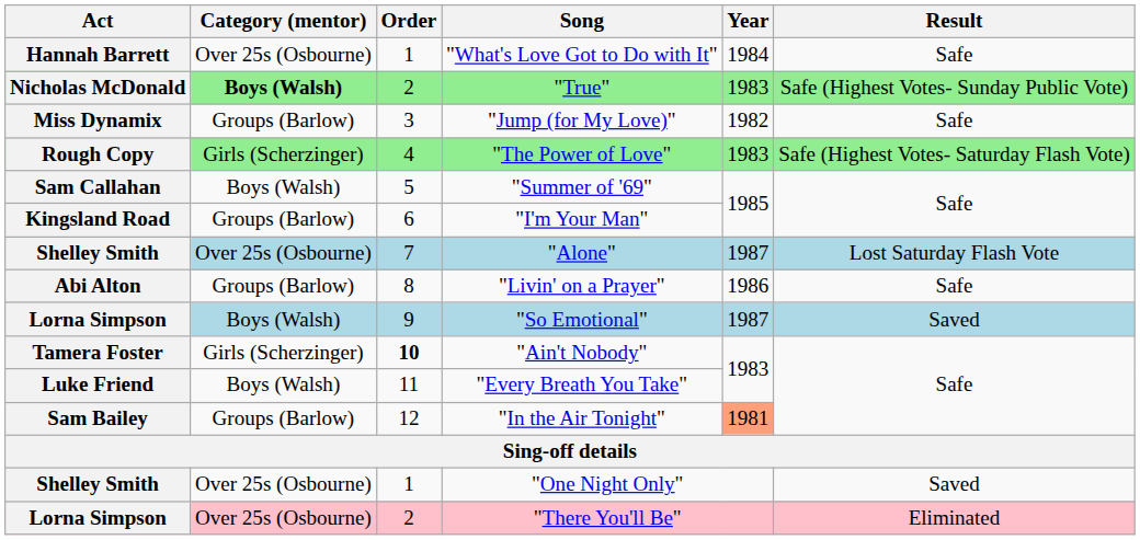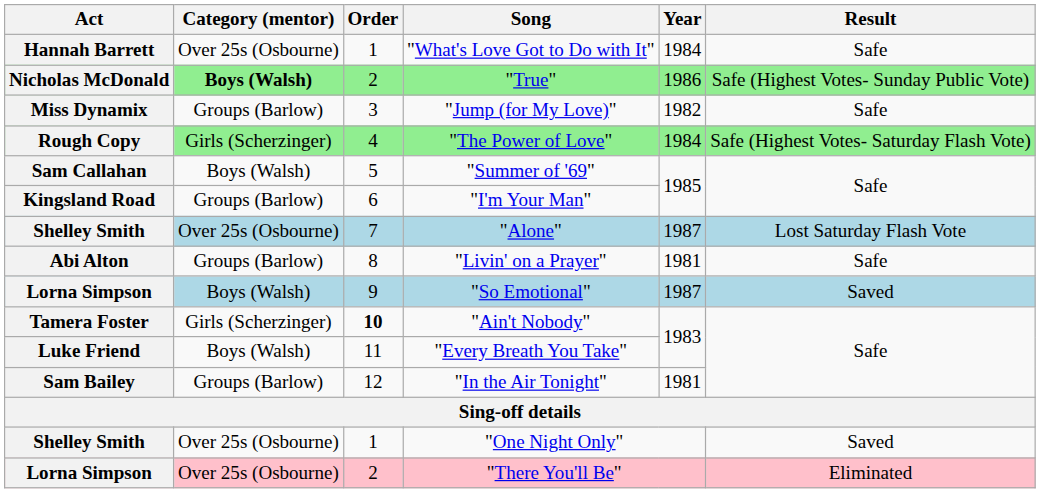 <table class="wikitable plainrowheaders" style="text-align:center;">
 <tr>
 <th scope="col">Act</th>
 <th scope="col">Category (mentor)</th>
 <th scope="col">Order</th>
 <th scope="col">Song</th>
 <th scope="col">Year</th>
 <th scope="col">Result</th>
 </tr>
 <tr>
 <th scope="row">Hannah Barrett</th>
 <td>Over 25s (Osbourne)</td>
 <td>1</td>
 <td>"<a href='#'>What's Love Got to Do with It</a>"</td>
 <td>1984</td>
 <td>Safe</td>
 </tr>
 <tr style="background:lightgreen;">
 <th scope="row">Nicholas McDonald</th>
 <td><strong>Boys (Walsh)</strong></td>
 <td>2</td>
 <td>"<a href='#'>True</a>"</td>
-<td>1983</td>
+<td>1986</td>
 <td>Safe (Highest Votes- Sunday Public Vote)</td>
 </tr>
 <tr>
 <th scope="row">Miss Dynamix</th>
 <td>Groups (Barlow)</td>
 <td>3</td>
 <td>"<a href='#'>Jump (for My Love)</a>"</td>
 <td>1982</td>
 <td>Safe</td>
 </tr>
 <tr style="background:lightgreen;">
 <th scope="row">Rough Copy</th>
 <td>Girls (Scherzinger)</td>
 <td>4</td>
 <td>"<a href='#'>The Power of Love</a>"</td>
-<td>1983</td>
+<td>1984</td>
 <td>Safe (Highest Votes- Saturday Flash Vote)</td>
 </tr>
 <tr>
 <th scope="row">Sam Callahan</th>
 <td>Boys (Walsh)</td>
 <td>5</td>
 <td>"<a href='#'>Summer of '69</a>"</td>
 <td rowspan=2>1985</td>
 <td rowspan=2>Safe</td>
 </tr>
 <tr>
 <th scope="row">Kingsland Road</th>
 <td>Groups (Barlow)</td>
 <td>6</td>
 <td>"<a href='#'>I'm Your Man</a>"</td>
 </tr>
 <tr style="background:lightblue;">
 <th scope="row">Shelley Smith</th>
 <td>Over 25s (Osbourne)</td>
 <td>7</td>
 <td>"<a href='#'>Alone</a>"</td>
 <td>1987</td>
 <td>Lost Saturday Flash Vote</td>
 </tr>
 <tr>
 <th scope="row">Abi Alton</th>
 <td>Groups (Barlow)</td>
 <td>8</td>
 <td>"<a href='#'>Livin' on a Prayer</a>"</td>
-<td>1986</td>
+<td>1981</td>
 <td>Safe</td>
 </tr>
 <tr style="background:lightblue;">
 <th scope="row">Lorna Simpson</th>
 <td>Boys (Walsh)</td>
 <td>9</td>
 <td>"<a href='#'>So Emotional</a>"</td>
 <td>1987</td>
 <td>Saved</td>
 </tr>
 <tr>
 <th scope="row">Tamera Foster</th>
 <td>Girls (Scherzinger)</td>
 <td><strong>10</strong></td>
 <td>"<a href='#'>Ain't Nobody</a>"</td>
 <td rowspan=2>1983</td>
 <td rowspan=3>Safe</td>
 </tr>
 <tr>
 <th scope="row">Luke Friend</th>
 <td>Boys (Walsh)</td>
 <td>11</td>
 <td>"<a href='#'>Every Breath You Take</a>"</td>
 </tr>
 <tr>
 <th scope="row">Sam Bailey</th>
 <td>Groups (Barlow)</td>
 <td>12</td>
 <td>"<a href='#'>In the Air Tonight</a>"</td>
-<td style="background: lightsalmon;">1981</td>
+<td>1981</td>
 </tr>
 <tr>
 <th colspan="6">Sing-off details</th>
 </tr>
 <tr>
 <th scope="row">Shelley Smith</th>
 <td>Over 25s (Osbourne)</td>
 <td>1</td>
 <td colspan="2">"<a href='#'>One Night Only</a>"</td>
 <td>Saved</td>
 </tr>
 <tr style="background:pink;">
 <th scope="row">Lorna Simpson</th>
 <td>Over 25s (Osbourne)</td>
 <td>2</td>
 <td colspan="2">"<a href='#'>There You'll Be</a>"</td>
 <td>Eliminated</td>
 </tr>
 </table>
